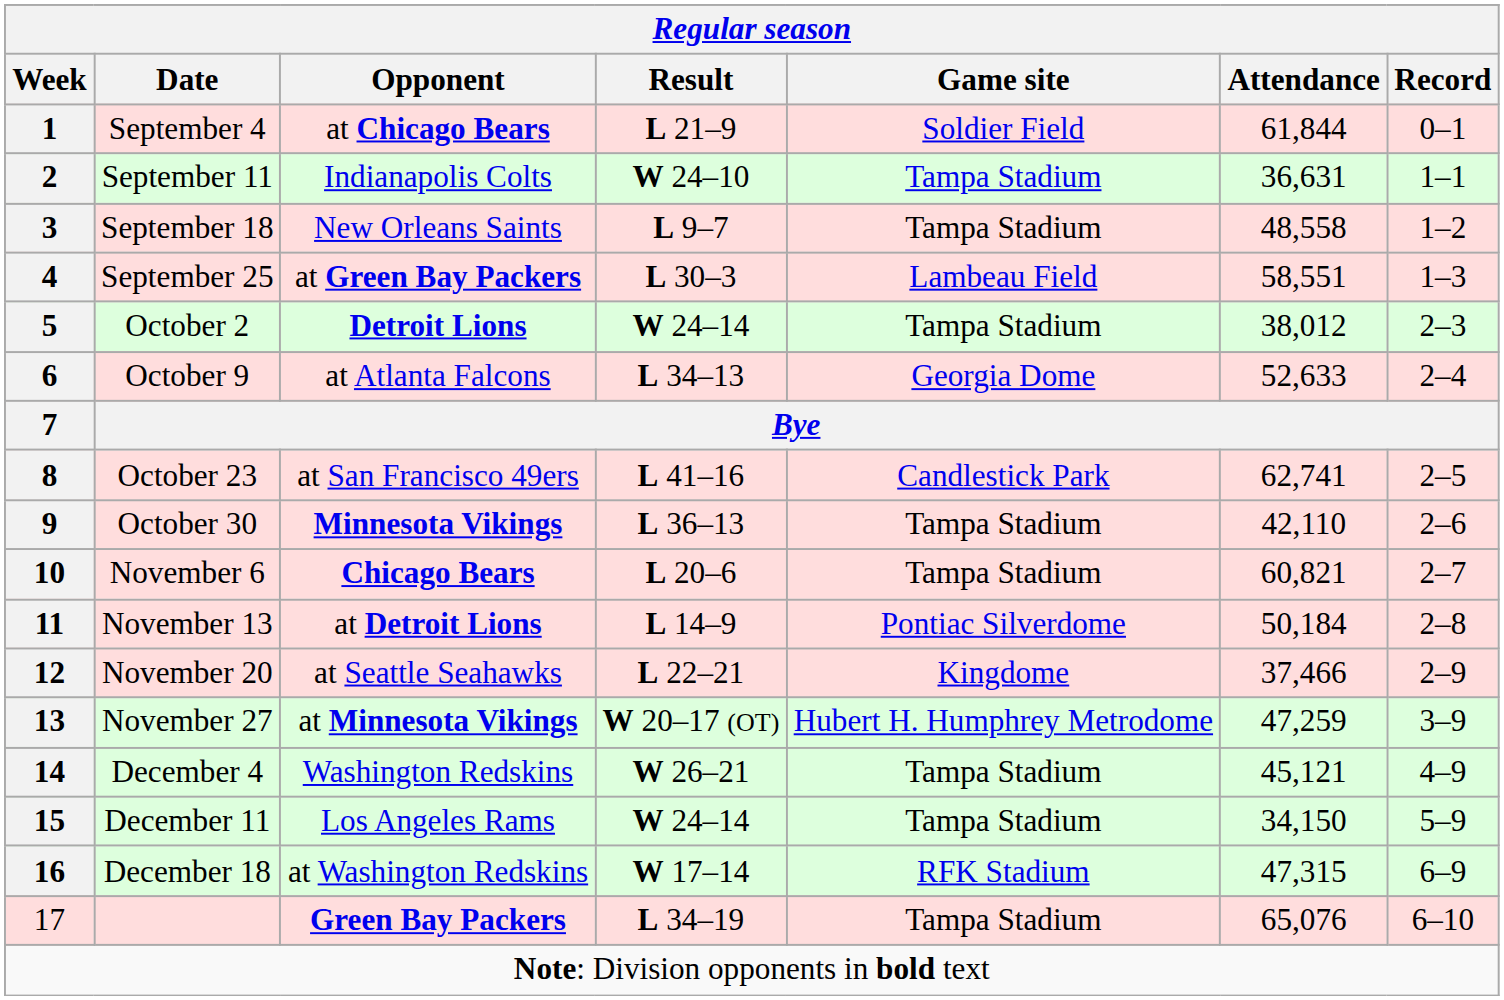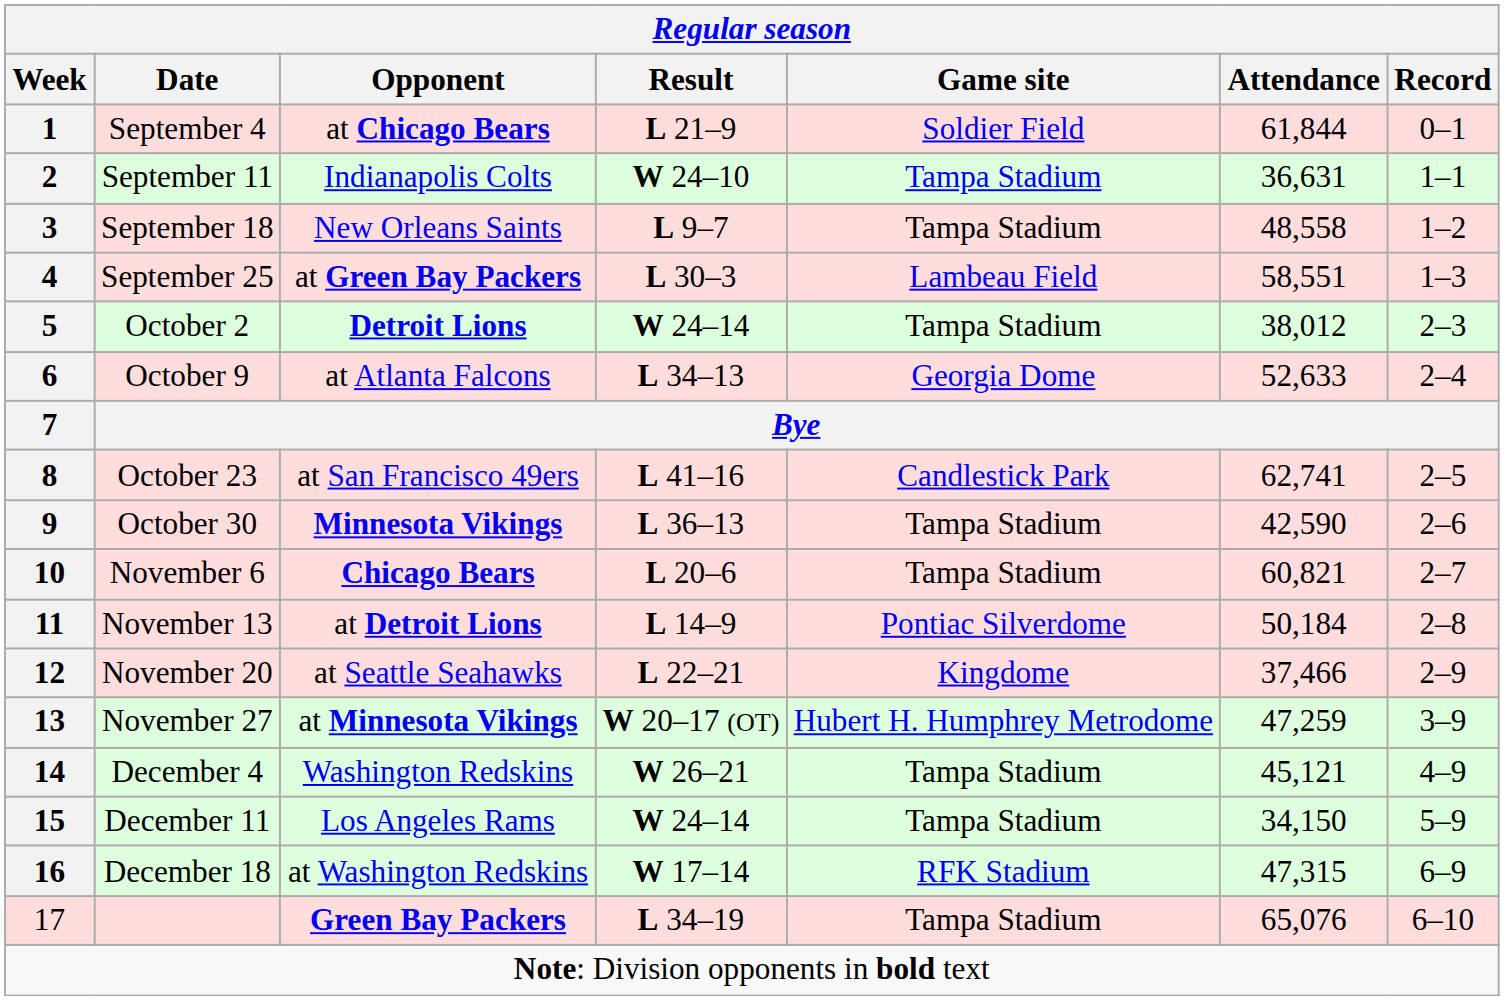 <table class="wikitable" style="text-align:center;">
 <tr>
 <th colspan="7"><em><a href='#'>Regular season</a></em></th>
 </tr>
 <tr>
 <th>Week</th>
 <th>Date</th>
 <th>Opponent</th>
 <th>Result</th>
 <th>Game site</th>
 <th>Attendance</th>
 <th>Record</th>
 </tr>
 <tr style="background: #ffdddd;">
 <th>1</th>
 <td>September 4</td>
 <td>at <strong><a href='#'>Chicago Bears</a></strong></td>
 <td><strong>L</strong> 21–9</td>
 <td><a href='#'>Soldier Field</a></td>
 <td>61,844</td>
 <td>0–1</td>
 </tr>
 <tr style="background: #ddffdd;">
 <th>2</th>
 <td>September 11</td>
 <td><a href='#'>Indianapolis Colts</a></td>
 <td><strong>W</strong> 24–10</td>
 <td><a href='#'>Tampa Stadium</a></td>
 <td>36,631</td>
 <td>1–1</td>
 </tr>
 <tr style="background: #ffdddd;">
 <th>3</th>
 <td>September 18</td>
 <td><a href='#'>New Orleans Saints</a></td>
 <td><strong>L</strong> 9–7</td>
 <td>Tampa Stadium</td>
 <td>48,558</td>
 <td>1–2</td>
 </tr>
 <tr style="background: #ffdddd;">
 <th>4</th>
 <td>September 25</td>
 <td>at <strong><a href='#'>Green Bay Packers</a></strong></td>
 <td><strong>L</strong> 30–3</td>
 <td><a href='#'>Lambeau Field</a></td>
 <td>58,551</td>
 <td>1–3</td>
 </tr>
 <tr style="background: #ddffdd;">
 <th>5</th>
 <td>October 2</td>
 <td><strong><a href='#'>Detroit Lions</a></strong></td>
 <td><strong>W</strong> 24–14</td>
 <td>Tampa Stadium</td>
 <td>38,012</td>
 <td>2–3</td>
 </tr>
 <tr style="background: #ffdddd;">
 <th>6</th>
 <td>October 9</td>
 <td>at <a href='#'>Atlanta Falcons</a></td>
 <td><strong>L</strong> 34–13</td>
 <td><a href='#'>Georgia Dome</a></td>
 <td>52,633</td>
 <td>2–4</td>
 </tr>
 <tr align="center">
 <th>7</th>
 <th colspan="6"><em><a href='#'>Bye</a></em></th>
 </tr>
 <tr style="background: #ffdddd;">
 <th>8</th>
 <td>October 23</td>
 <td>at <a href='#'>San Francisco 49ers</a></td>
 <td><strong>L</strong> 41–16</td>
 <td><a href='#'>Candlestick Park</a></td>
 <td>62,741</td>
 <td>2–5</td>
 </tr>
 <tr style="background: #ffdddd;">
 <th>9</th>
 <td>October 30</td>
 <td><strong><a href='#'>Minnesota Vikings</a></strong></td>
 <td><strong>L</strong> 36–13</td>
 <td>Tampa Stadium</td>
-<td>42,110</td>
+<td>42,590</td>
 <td>2–6</td>
 </tr>
 <tr style="background: #ffdddd;">
 <th>10</th>
 <td>November 6</td>
 <td><strong><a href='#'>Chicago Bears</a></strong></td>
 <td><strong>L</strong> 20–6</td>
 <td>Tampa Stadium</td>
 <td>60,821</td>
 <td>2–7</td>
 </tr>
 <tr style="background: #ffdddd;">
 <th>11</th>
 <td>November 13</td>
 <td>at <strong><a href='#'>Detroit Lions</a></strong></td>
 <td><strong>L</strong> 14–9</td>
 <td><a href='#'>Pontiac Silverdome</a></td>
 <td>50,184</td>
 <td>2–8</td>
 </tr>
 <tr style="background: #ffdddd;">
 <th>12</th>
 <td>November 20</td>
 <td>at <a href='#'>Seattle Seahawks</a></td>
 <td><strong>L</strong> 22–21</td>
 <td><a href='#'>Kingdome</a></td>
 <td>37,466</td>
 <td>2–9</td>
 </tr>
 <tr style="background: #ddffdd;">
 <th>13</th>
 <td>November 27</td>
 <td>at <strong><a href='#'>Minnesota Vikings</a></strong></td>
 <td><strong>W</strong> 20–17 <small>(OT)</small></td>
 <td><a href='#'>Hubert H. Humphrey Metrodome</a></td>
 <td>47,259</td>
 <td>3–9</td>
 </tr>
 <tr style="background: #ddffdd;">
 <th>14</th>
 <td>December 4</td>
 <td><a href='#'>Washington Redskins</a></td>
 <td><strong>W</strong> 26–21</td>
 <td>Tampa Stadium</td>
 <td>45,121</td>
 <td>4–9</td>
 </tr>
 <tr style="background: #ddffdd;">
 <th>15</th>
 <td>December 11</td>
 <td><a href='#'>Los Angeles Rams</a></td>
 <td><strong>W</strong> 24–14</td>
 <td>Tampa Stadium</td>
 <td>34,150</td>
 <td>5–9</td>
 </tr>
 <tr style="background: #ddffdd;">
 <th>16</th>
 <td>December 18</td>
 <td>at <a href='#'>Washington Redskins</a></td>
 <td><strong>W</strong> 17–14</td>
 <td><a href='#'>RFK Stadium</a></td>
 <td>47,315</td>
 <td>6–9</td>
 </tr>
 <tr style="background: #ffdddd;">
 <td>17</td>
 <td></td>
 <td><strong><a href='#'>Green Bay Packers</a></strong></td>
 <td><strong>L</strong> 34–19</td>
 <td>Tampa Stadium</td>
 <td>65,076</td>
 <td>6–10</td>
 </tr>
 <tr>
 <td colspan="7"><strong>Note</strong>: Division opponents in <strong>bold</strong> text</td>
 </tr>
 </table>
